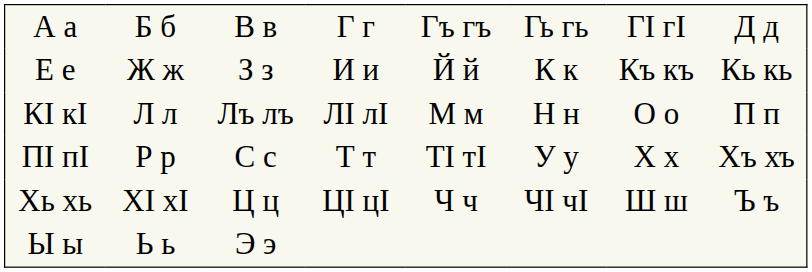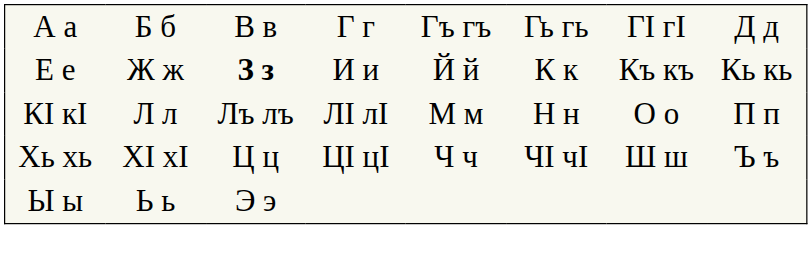 <table style="font-family:'Times New Roman',Times,'Nimbus Roman No9 L',FreeSerif,'Liberation Serif',serif; font-size:1.6em; border-color:#000000; border-width:1px; border-style:solid; border-collapse:collapse; background-color:#F8F8EF">
 <tr>
 <td style="width:3em; text-align:center; padding: 3px;">А а</td>
 <td style="width:3em; text-align:center; padding: 3px;">Б б</td>
 <td style="width:3em; text-align:center; padding: 3px;">В в</td>
 <td style="width:3em; text-align:center; padding: 3px;">Г г</td>
 <td style="width:3em; text-align:center; padding: 3px;">Гъ гъ</td>
 <td style="width:3em; text-align:center; padding: 3px;">Гь гь</td>
 <td style="width:3em; text-align:center; padding: 3px;">ГӀ гӀ</td>
 <td style="width:3em; text-align:center; padding: 3px;">Д д</td>
 </tr>
 <tr>
 <td style="width:3em; text-align:center; padding: 3px;">Е е</td>
 <td style="width:3em; text-align:center; padding: 3px;">Ж ж</td>
-<td style="width:3em; text-align:center; padding: 3px;">З з</td>
+<td style="width:3em; text-align:center; padding: 3px;"><strong>З з</strong></td>
 <td style="width:3em; text-align:center; padding: 3px;">И и</td>
 <td style="width:3em; text-align:center; padding: 3px;">Й й</td>
 <td style="width:3em; text-align:center; padding: 3px;">К к</td>
 <td style="width:3em; text-align:center; padding: 3px;">Къ къ</td>
 <td style="width:3em; text-align:center; padding: 3px;">Кь кь</td>
 </tr>
 <tr>
 <td style="width:3em; text-align:center; padding: 3px;">КӀ кӀ</td>
 <td style="width:3em; text-align:center; padding: 3px;">Л л</td>
 <td style="width:3em; text-align:center; padding: 3px;">Лъ лъ</td>
 <td style="width:3em; text-align:center; padding: 3px;">ЛӀ лӀ</td>
 <td style="width:3em; text-align:center; padding: 3px;">М м</td>
 <td style="width:3em; text-align:center; padding: 3px;">Н н</td>
 <td style="width:3em; text-align:center; padding: 3px;">О о</td>
 <td style="width:3em; text-align:center; padding: 3px;">П п</td>
-</tr>
-<tr>
-<td style="width:3em; text-align:center; padding: 3px;">ПӀ пӀ</td>
-<td style="width:3em; text-align:center; padding: 3px;">Р р</td>
-<td style="width:3em; text-align:center; padding: 3px;">С с</td>
-<td style="width:3em; text-align:center; padding: 3px;">Т т</td>
-<td style="width:3em; text-align:center; padding: 3px;">ТӀ тӀ</td>
-<td style="width:3em; text-align:center; padding: 3px;">У у</td>
-<td style="width:3em; text-align:center; padding: 3px;">Х х</td>
-<td style="width:3em; text-align:center; padding: 3px;">Хъ хъ</td>
 </tr>
 <tr>
 <td style="width:3em; text-align:center; padding: 3px;">Хь хь</td>
 <td style="width:3em; text-align:center; padding: 3px;">ХӀ хӀ</td>
 <td style="width:3em; text-align:center; padding: 3px;">Ц ц</td>
 <td style="width:3em; text-align:center; padding: 3px;">ЦӀ цӀ</td>
 <td style="width:3em; text-align:center; padding: 3px;">Ч ч</td>
 <td style="width:3em; text-align:center; padding: 3px;">ЧӀ чӀ</td>
 <td style="width:3em; text-align:center; padding: 3px;">Ш ш</td>
 <td style="width:3em; text-align:center; padding: 3px;">Ъ ъ</td>
 </tr>
 <tr>
 <td style="width:3em; text-align:center; padding: 3px;">Ы ы</td>
 <td style="width:3em; text-align:center; padding: 3px;">Ь ь</td>
 <td style="width:3em; text-align:center; padding: 3px;">Э э</td>
 <td style="width:3em; text-align:center; padding: 3px;"></td>
 <td style="width:3em; text-align:center; padding: 3px;"></td>
 <td style="width:3em; text-align:center; padding: 3px;"></td>
 <td style="width:3em; text-align:center; padding: 3px;"></td>
 <td style="width:3em; text-align:center; padding: 3px;"></td>
 </tr>
 </table>
